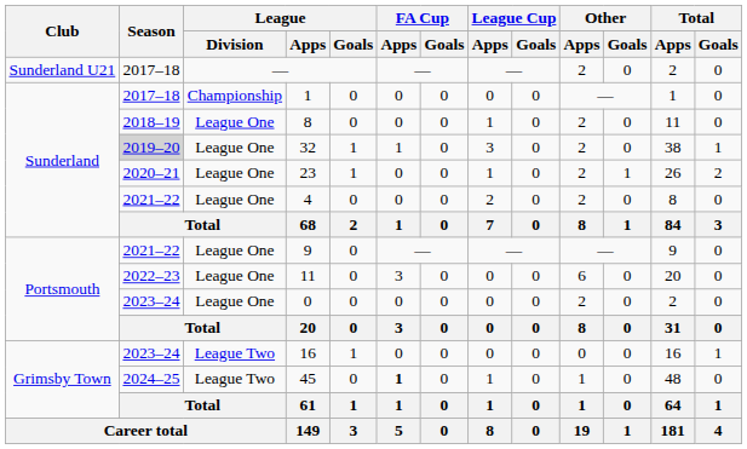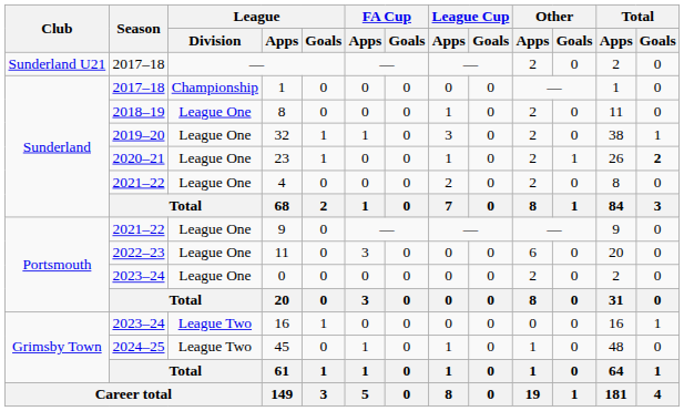 <table class="wikitable" style="text-align:center">
 <tr>
 <th rowspan="2">Club</th>
 <th rowspan="2">Season</th>
 <th colspan="3">League</th>
 <th colspan="2"><a href='#'>FA Cup</a></th>
 <th colspan="2"><a href='#'>League Cup</a></th>
 <th colspan="2">Other</th>
 <th colspan="2">Total</th>
 </tr>
 <tr>
 <th>Division</th>
 <th>Apps</th>
 <th>Goals</th>
 <th>Apps</th>
 <th>Goals</th>
 <th>Apps</th>
 <th>Goals</th>
 <th>Apps</th>
 <th>Goals</th>
 <th>Apps</th>
 <th>Goals</th>
 </tr>
 <tr>
 <td><a href='#'>Sunderland U21</a></td>
 <td>2017–18</td>
 <td colspan=3>—</td>
 <td colspan=2>—</td>
 <td colspan=2>—</td>
 <td>2</td>
 <td>0</td>
 <td>2</td>
 <td>0</td>
 </tr>
 <tr>
 <td rowspan="6"><a href='#'>Sunderland</a></td>
 <td><a href='#'>2017–18</a></td>
 <td><a href='#'>Championship</a></td>
 <td>1</td>
 <td>0</td>
 <td>0</td>
 <td>0</td>
 <td>0</td>
 <td>0</td>
 <td colspan=2>—</td>
 <td>1</td>
 <td>0</td>
 </tr>
 <tr>
 <td><a href='#'>2018–19</a></td>
 <td><a href='#'>League One</a></td>
 <td>8</td>
 <td>0</td>
 <td>0</td>
 <td>0</td>
 <td>1</td>
 <td>0</td>
 <td>2</td>
 <td>0</td>
 <td>11</td>
 <td>0</td>
 </tr>
 <tr>
-<td style="background: lightgrey;"><a href='#'>2019–20</a></td>
+<td><a href='#'>2019–20</a></td>
 <td>League One</td>
 <td>32</td>
 <td>1</td>
 <td>1</td>
 <td>0</td>
 <td>3</td>
 <td>0</td>
 <td>2</td>
 <td>0</td>
 <td>38</td>
 <td>1</td>
 </tr>
 <tr>
 <td><a href='#'>2020–21</a></td>
 <td>League One</td>
 <td>23</td>
 <td>1</td>
 <td>0</td>
 <td>0</td>
 <td>1</td>
 <td>0</td>
 <td>2</td>
 <td>1</td>
 <td>26</td>
-<td>2</td>
+<td><strong>2</strong></td>
 </tr>
 <tr>
 <td><a href='#'>2021–22</a></td>
 <td>League One</td>
 <td>4</td>
 <td>0</td>
 <td>0</td>
 <td>0</td>
 <td>2</td>
 <td>0</td>
 <td>2</td>
 <td>0</td>
 <td>8</td>
 <td>0</td>
 </tr>
 <tr>
 <th colspan="2">Total</th>
 <th>68</th>
 <th>2</th>
 <th>1</th>
 <th>0</th>
 <th>7</th>
 <th>0</th>
 <th>8</th>
 <th>1</th>
 <th>84</th>
 <th>3</th>
 </tr>
 <tr>
 <td rowspan="4"><a href='#'>Portsmouth</a></td>
 <td><a href='#'>2021–22</a></td>
 <td>League One</td>
 <td>9</td>
 <td>0</td>
 <td colspan=2>—</td>
 <td colspan=2>—</td>
 <td colspan=2>—</td>
 <td>9</td>
 <td>0</td>
 </tr>
 <tr>
 <td><a href='#'>2022–23</a></td>
 <td>League One</td>
 <td>11</td>
 <td>0</td>
 <td>3</td>
 <td>0</td>
 <td>0</td>
 <td>0</td>
 <td>6</td>
 <td>0</td>
 <td>20</td>
 <td>0</td>
 </tr>
 <tr>
 <td><a href='#'>2023–24</a></td>
 <td>League One</td>
 <td>0</td>
 <td>0</td>
 <td>0</td>
 <td>0</td>
 <td>0</td>
 <td>0</td>
 <td>2</td>
 <td>0</td>
 <td>2</td>
 <td>0</td>
 </tr>
 <tr>
 <th colspan="2">Total</th>
 <th>20</th>
 <th>0</th>
 <th>3</th>
 <th>0</th>
 <th>0</th>
 <th>0</th>
 <th>8</th>
 <th>0</th>
 <th>31</th>
 <th>0</th>
 </tr>
 <tr>
 <td rowspan="3"><a href='#'>Grimsby Town</a></td>
 <td><a href='#'>2023–24</a></td>
 <td><a href='#'>League Two</a></td>
 <td>16</td>
 <td>1</td>
 <td>0</td>
 <td>0</td>
 <td>0</td>
 <td>0</td>
 <td>0</td>
 <td>0</td>
 <td>16</td>
 <td>1</td>
 </tr>
 <tr>
 <td><a href='#'>2024–25</a></td>
 <td>League Two</td>
 <td>45</td>
 <td>0</td>
-<td><strong>1</strong></td>
+<td>1</td>
 <td>0</td>
 <td>1</td>
 <td>0</td>
 <td>1</td>
 <td>0</td>
 <td>48</td>
 <td>0</td>
 </tr>
 <tr>
 <th colspan="2">Total</th>
 <th>61</th>
 <th>1</th>
 <th>1</th>
 <th>0</th>
 <th>1</th>
 <th>0</th>
 <th>1</th>
 <th>0</th>
 <th>64</th>
 <th>1</th>
 </tr>
 <tr>
 <th colspan="3">Career total</th>
 <th>149</th>
 <th>3</th>
 <th>5</th>
 <th>0</th>
 <th>8</th>
 <th>0</th>
 <th>19</th>
 <th>1</th>
 <th>181</th>
 <th>4</th>
 </tr>
 </table>
